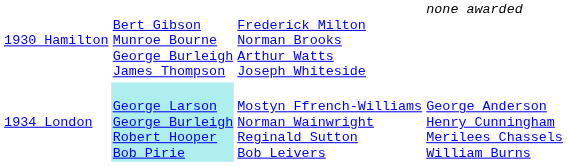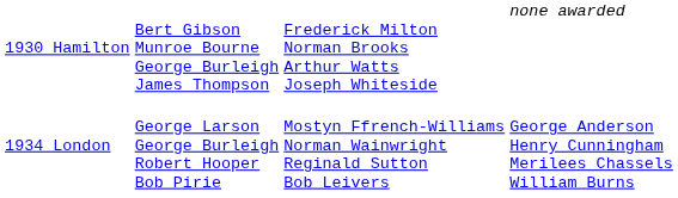 <table>
 <tr>
 <td><a href='#'>1930 Hamilton</a><br></td>
 <td valign=top><br><a href='#'>Bert Gibson</a><br><a href='#'>Munroe Bourne</a><br><a href='#'>George Burleigh</a><br><a href='#'>James Thompson</a></td>
 <td valign=top><br><a href='#'>Frederick Milton</a><br><a href='#'>Norman Brooks</a><br><a href='#'>Arthur Watts</a><br><a href='#'>Joseph Whiteside</a></td>
 <td valign=top><em>none awarded</em></td>
 </tr>
 <tr>
 <td><a href='#'>1934 London</a><br></td>
-<td valign=top style="background: paleturquoise;"><br><a href='#'>George Larson</a><br><a href='#'>George Burleigh</a><br><a href='#'>Robert Hooper</a><br><a href='#'>Bob Pirie</a></td>
+<td valign=top><br><a href='#'>George Larson</a><br><a href='#'>George Burleigh</a><br><a href='#'>Robert Hooper</a><br><a href='#'>Bob Pirie</a></td>
 <td valign=top><br><a href='#'>Mostyn Ffrench-Williams</a><br><a href='#'>Norman Wainwright</a><br><a href='#'>Reginald Sutton</a><br><a href='#'>Bob Leivers</a></td>
 <td valign=top><br><a href='#'>George Anderson</a><br><a href='#'>Henry Cunningham</a><br><a href='#'>Merilees Chassels</a><br><a href='#'>William Burns</a></td>
 </tr>
 </table>
